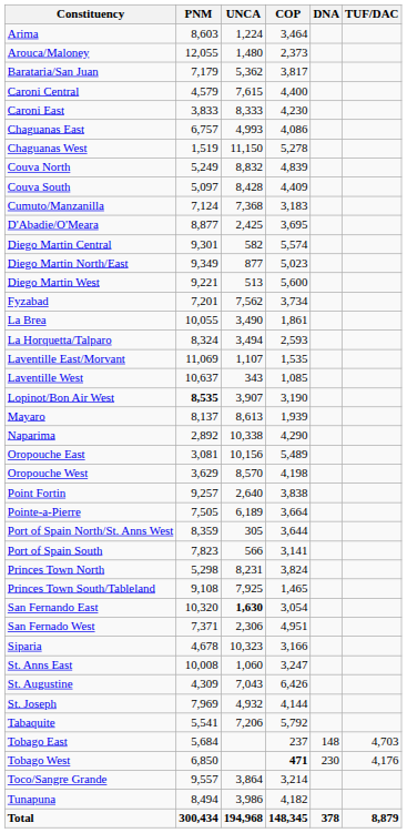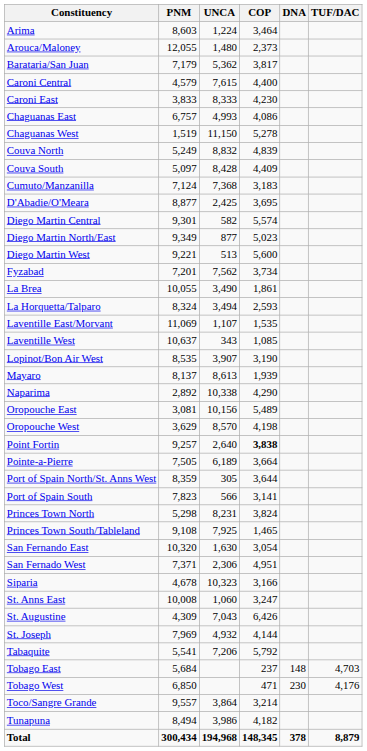 <table class="wikitable sortable" style=text-align:right>
 <tr>
 <th>Constituency</th>
 <th>PNM</th>
 <th>UNCA</th>
 <th>COP</th>
 <th>DNA</th>
 <th>TUF/DAC</th>
 </tr>
 <tr>
 <td align=left><a href='#'>Arima</a></td>
 <td>8,603</td>
 <td>1,224</td>
 <td>3,464</td>
 <td></td>
 <td></td>
 </tr>
 <tr>
 <td align=left><a href='#'>Arouca/Maloney</a></td>
 <td>12,055</td>
 <td>1,480</td>
 <td>2,373</td>
 <td></td>
 <td></td>
 </tr>
 <tr>
 <td align=left><a href='#'>Barataria/San Juan</a></td>
 <td>7,179</td>
 <td>5,362</td>
 <td>3,817</td>
 <td></td>
 <td></td>
 </tr>
 <tr>
 <td align=left><a href='#'>Caroni Central</a></td>
 <td>4,579</td>
 <td>7,615</td>
 <td>4,400</td>
 <td></td>
 <td></td>
 </tr>
 <tr>
 <td align=left><a href='#'>Caroni East</a></td>
 <td>3,833</td>
 <td>8,333</td>
 <td>4,230</td>
 <td></td>
 <td></td>
 </tr>
 <tr>
 <td align=left><a href='#'>Chaguanas East</a></td>
 <td>6,757</td>
 <td>4,993</td>
 <td>4,086</td>
 <td></td>
 <td></td>
 </tr>
 <tr>
 <td align=left><a href='#'>Chaguanas West</a></td>
 <td>1,519</td>
 <td>11,150</td>
 <td>5,278</td>
 <td></td>
 <td></td>
 </tr>
 <tr>
 <td align=left><a href='#'>Couva North</a></td>
 <td>5,249</td>
 <td>8,832</td>
 <td>4,839</td>
 <td></td>
 <td></td>
 </tr>
 <tr>
 <td align=left><a href='#'>Couva South</a></td>
 <td>5,097</td>
 <td>8,428</td>
 <td>4,409</td>
 <td></td>
 <td></td>
 </tr>
 <tr>
 <td align=left><a href='#'>Cumuto/Manzanilla</a></td>
 <td>7,124</td>
 <td>7,368</td>
 <td>3,183</td>
 <td></td>
 <td></td>
 </tr>
 <tr>
 <td align=left><a href='#'>D'Abadie/O'Meara</a></td>
 <td>8,877</td>
 <td>2,425</td>
 <td>3,695</td>
 <td></td>
 <td></td>
 </tr>
 <tr>
 <td align=left><a href='#'>Diego Martin Central</a></td>
 <td>9,301</td>
 <td>582</td>
 <td>5,574</td>
 <td></td>
 <td></td>
 </tr>
 <tr>
 <td align=left><a href='#'>Diego Martin North/East</a></td>
 <td>9,349</td>
 <td>877</td>
 <td>5,023</td>
 <td></td>
 <td></td>
 </tr>
 <tr>
 <td align=left><a href='#'>Diego Martin West</a></td>
 <td>9,221</td>
 <td>513</td>
 <td>5,600</td>
 <td></td>
 <td></td>
 </tr>
 <tr>
 <td align=left><a href='#'>Fyzabad</a></td>
 <td>7,201</td>
 <td>7,562</td>
 <td>3,734</td>
 <td></td>
 <td></td>
 </tr>
 <tr>
 <td align=left><a href='#'>La Brea</a></td>
 <td>10,055</td>
 <td>3,490</td>
 <td>1,861</td>
 <td></td>
 <td></td>
 </tr>
 <tr>
 <td align=left><a href='#'>La Horquetta/Talparo</a></td>
 <td>8,324</td>
 <td>3,494</td>
 <td>2,593</td>
 <td></td>
 <td></td>
 </tr>
 <tr>
 <td align=left><a href='#'>Laventille East/Morvant</a></td>
 <td>11,069</td>
 <td>1,107</td>
 <td>1,535</td>
 <td></td>
 <td></td>
 </tr>
 <tr>
 <td align=left><a href='#'>Laventille West</a></td>
 <td>10,637</td>
 <td>343</td>
 <td>1,085</td>
 <td></td>
 <td></td>
 </tr>
 <tr>
 <td align=left><a href='#'>Lopinot/Bon Air West</a></td>
-<td><strong>8,535</strong></td>
+<td>8,535</td>
 <td>3,907</td>
 <td>3,190</td>
 <td></td>
 <td></td>
 </tr>
 <tr>
 <td align=left><a href='#'>Mayaro</a></td>
 <td>8,137</td>
 <td>8,613</td>
 <td>1,939</td>
 <td></td>
 <td></td>
 </tr>
 <tr>
 <td align=left><a href='#'>Naparima</a></td>
 <td>2,892</td>
 <td>10,338</td>
 <td>4,290</td>
 <td></td>
 <td></td>
 </tr>
 <tr>
 <td align=left><a href='#'>Oropouche East</a></td>
 <td>3,081</td>
 <td>10,156</td>
 <td>5,489</td>
 <td></td>
 <td></td>
 </tr>
 <tr>
 <td align=left><a href='#'>Oropouche West</a></td>
 <td>3,629</td>
 <td>8,570</td>
 <td>4,198</td>
 <td></td>
 <td></td>
 </tr>
 <tr>
 <td align=left><a href='#'>Point Fortin</a></td>
 <td>9,257</td>
 <td>2,640</td>
-<td>3,838</td>
+<td><strong>3,838</strong></td>
 <td></td>
 <td></td>
 </tr>
 <tr>
 <td align=left><a href='#'>Pointe-a-Pierre</a></td>
 <td>7,505</td>
 <td>6,189</td>
 <td>3,664</td>
 <td></td>
 <td></td>
 </tr>
 <tr>
 <td align=left><a href='#'>Port of Spain North/St. Anns West</a></td>
 <td>8,359</td>
 <td>305</td>
 <td>3,644</td>
 <td></td>
 <td></td>
 </tr>
 <tr>
 <td align=left><a href='#'>Port of Spain South</a></td>
 <td>7,823</td>
 <td>566</td>
 <td>3,141</td>
 <td></td>
 <td></td>
 </tr>
 <tr>
 <td align=left><a href='#'>Princes Town North</a></td>
 <td>5,298</td>
 <td>8,231</td>
 <td>3,824</td>
 <td></td>
 <td></td>
 </tr>
 <tr>
 <td align=left><a href='#'>Princes Town South/Tableland</a></td>
 <td>9,108</td>
 <td>7,925</td>
 <td>1,465</td>
 <td></td>
 <td></td>
 </tr>
 <tr>
 <td align=left><a href='#'>San Fernando East</a></td>
 <td>10,320</td>
-<td><strong>1,630</strong></td>
+<td>1,630</td>
 <td>3,054</td>
 <td></td>
 <td></td>
 </tr>
 <tr>
 <td align=left><a href='#'>San Fernado West</a></td>
 <td>7,371</td>
 <td>2,306</td>
 <td>4,951</td>
 <td></td>
 <td></td>
 </tr>
 <tr>
 <td align=left><a href='#'>Siparia</a></td>
 <td>4,678</td>
 <td>10,323</td>
 <td>3,166</td>
 <td></td>
 <td></td>
 </tr>
 <tr>
 <td align=left><a href='#'>St. Anns East</a></td>
 <td>10,008</td>
 <td>1,060</td>
 <td>3,247</td>
 <td></td>
 <td></td>
 </tr>
 <tr>
 <td align=left><a href='#'>St. Augustine</a></td>
 <td>4,309</td>
 <td>7,043</td>
 <td>6,426</td>
 <td></td>
 <td></td>
 </tr>
 <tr>
 <td align=left><a href='#'>St. Joseph</a></td>
 <td>7,969</td>
 <td>4,932</td>
 <td>4,144</td>
 <td></td>
 <td></td>
 </tr>
 <tr>
 <td align=left><a href='#'>Tabaquite</a></td>
 <td>5,541</td>
 <td>7,206</td>
 <td>5,792</td>
 <td></td>
 <td></td>
 </tr>
 <tr>
 <td align=left><a href='#'>Tobago East</a></td>
 <td>5,684</td>
 <td></td>
 <td>237</td>
 <td>148</td>
 <td>4,703</td>
 </tr>
 <tr>
 <td align=left><a href='#'>Tobago West</a></td>
 <td>6,850</td>
 <td></td>
-<td><strong>471</strong></td>
+<td>471</td>
 <td>230</td>
 <td>4,176</td>
 </tr>
 <tr>
 <td align=left><a href='#'>Toco/Sangre Grande</a></td>
 <td>9,557</td>
 <td>3,864</td>
 <td>3,214</td>
 <td></td>
 <td></td>
 </tr>
 <tr>
 <td align=left><a href='#'>Tunapuna</a></td>
 <td>8,494</td>
 <td>3,986</td>
 <td>4,182</td>
 <td></td>
 <td></td>
 </tr>
 <tr class=sortbottom style=font-weight:bold>
 <td align=left>Total</td>
 <td>300,434</td>
 <td>194,968</td>
 <td>148,345</td>
 <td>378</td>
 <td>8,879</td>
 </tr>
 </table>
